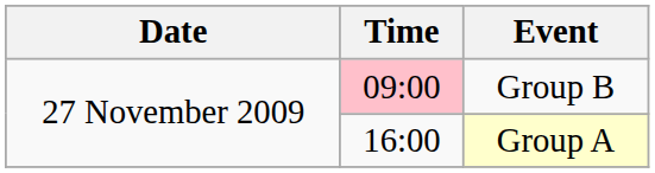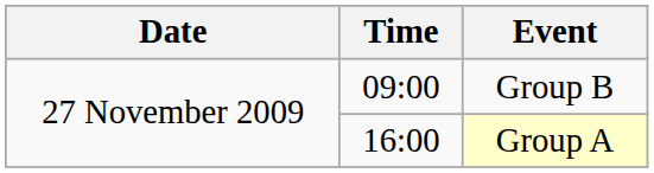 <table class = "wikitable" style="text-align:center;">
 <tr>
 <th width=150>Date</th>
 <th width=50>Time</th>
 <th width=80>Event</th>
 </tr>
 <tr>
 <td rowspan=2>27 November 2009</td>
-<td style="background: pink;">09:00</td>
+<td>09:00</td>
 <td>Group B</td>
 </tr>
 <tr>
 <td>16:00</td>
 <td bgcolor=ffffcc>Group A</td>
 </tr>
 </table>
